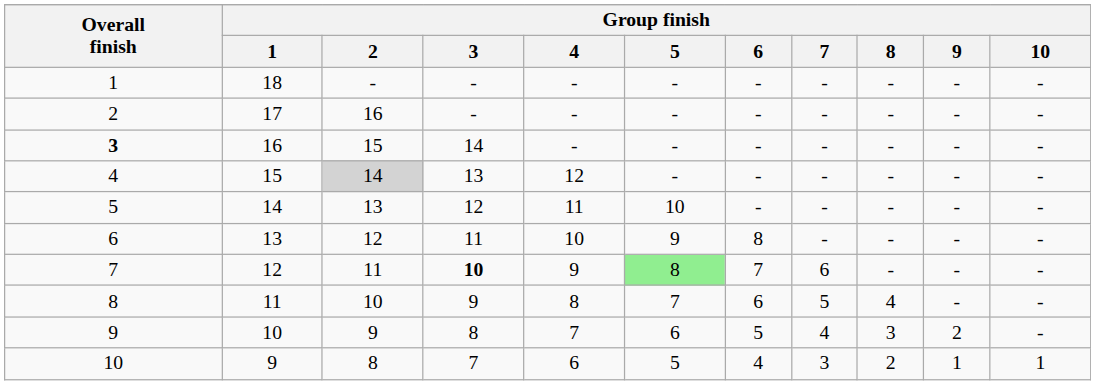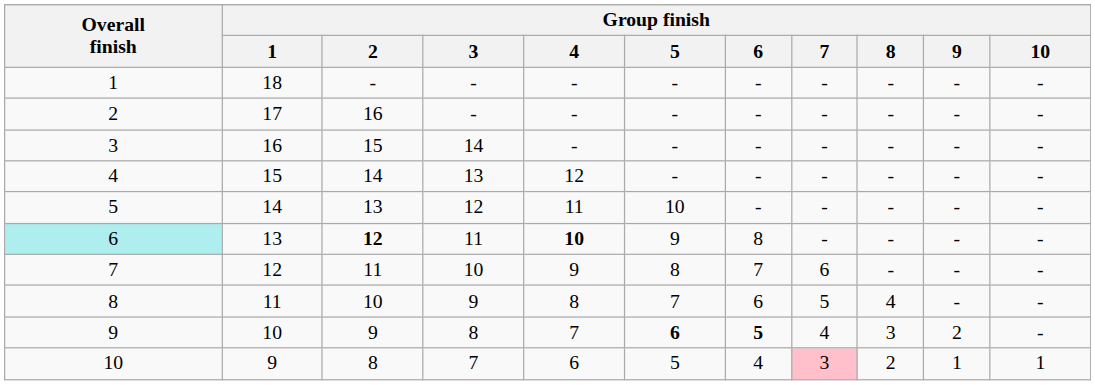 <table class="wikitable" width=100% style="text-align:center;">
 <tr>
 </tr>
 <tr style="background:#efefef;">
 <th rowspan=2 width=20%>Overall<br>finish</th>
 <th colspan=10>Group finish</th>
 </tr>
 <tr>
 <th>1</th>
 <th>2</th>
 <th>3</th>
 <th>4</th>
 <th>5</th>
 <th>6</th>
 <th>7</th>
 <th>8</th>
 <th>9</th>
 <th>10</th>
 </tr>
 <tr>
 <td>1</td>
 <td>18</td>
 <td>-</td>
 <td>-</td>
 <td>-</td>
 <td>-</td>
 <td>-</td>
 <td>-</td>
 <td>-</td>
 <td>-</td>
 <td>-</td>
 </tr>
 <tr>
 <td>2</td>
 <td>17</td>
 <td>16</td>
 <td>-</td>
 <td>-</td>
 <td>-</td>
 <td>-</td>
 <td>-</td>
 <td>-</td>
 <td>-</td>
 <td>-</td>
 </tr>
 <tr>
-<td><strong>3</strong></td>
+<td>3</td>
 <td>16</td>
 <td>15</td>
 <td>14</td>
 <td>-</td>
 <td>-</td>
 <td>-</td>
 <td>-</td>
 <td>-</td>
 <td>-</td>
 <td>-</td>
 </tr>
 <tr>
 <td>4</td>
 <td>15</td>
-<td style="background: lightgrey;">14</td>
+<td>14</td>
 <td>13</td>
 <td>12</td>
 <td>-</td>
 <td>-</td>
 <td>-</td>
 <td>-</td>
 <td>-</td>
 <td>-</td>
 </tr>
 <tr>
 <td>5</td>
 <td>14</td>
 <td>13</td>
 <td>12</td>
 <td>11</td>
 <td>10</td>
 <td>-</td>
 <td>-</td>
 <td>-</td>
 <td>-</td>
 <td>-</td>
 </tr>
 <tr>
-<td>6</td>
+<td style="background: paleturquoise;">6</td>
 <td>13</td>
-<td>12</td>
+<td><strong>12</strong></td>
 <td>11</td>
-<td>10</td>
+<td><strong>10</strong></td>
 <td>9</td>
 <td>8</td>
 <td>-</td>
 <td>-</td>
 <td>-</td>
 <td>-</td>
 </tr>
 <tr>
 <td>7</td>
 <td>12</td>
 <td>11</td>
-<td><strong>10</strong></td>
+<td>10</td>
 <td>9</td>
-<td style="background: lightgreen;">8</td>
+<td>8</td>
 <td>7</td>
 <td>6</td>
 <td>-</td>
 <td>-</td>
 <td>-</td>
 </tr>
 <tr>
 <td>8</td>
 <td>11</td>
 <td>10</td>
 <td>9</td>
 <td>8</td>
 <td>7</td>
 <td>6</td>
 <td>5</td>
 <td>4</td>
 <td>-</td>
 <td>-</td>
 </tr>
 <tr>
 <td>9</td>
 <td>10</td>
 <td>9</td>
 <td>8</td>
 <td>7</td>
-<td>6</td>
-<td>5</td>
+<td><strong>6</strong></td>
+<td><strong>5</strong></td>
 <td>4</td>
 <td>3</td>
 <td>2</td>
 <td>-</td>
 </tr>
 <tr>
 <td>10</td>
 <td>9</td>
 <td>8</td>
 <td>7</td>
 <td>6</td>
 <td>5</td>
 <td>4</td>
-<td>3</td>
+<td style="background: pink;">3</td>
 <td>2</td>
 <td>1</td>
 <td>1</td>
 </tr>
 </table>
